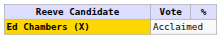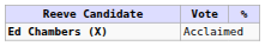 <table class="wikitable">
 <tr>
 <th style="background:#ddf; width:200px;">Reeve Candidate</th>
 <th style="background:#ddf; width:50px;">Vote</th>
 <th style="background:#ddf; width:30px;">%</th>
 </tr>
 <tr>
-<td style="background: gold;"><strong>Ed Chambers (X)</strong></td>
+<td><strong>Ed Chambers (X)</strong></td>
 <td colspan="2">Acclaimed</td>
 </tr>
 </table>
